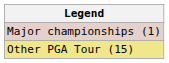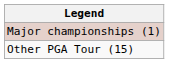 <table class="wikitable" style="font-size:95%;">
 <tr>
 <th>Legend</th>
 </tr>
 <tr style="background:#e5d1cb;">
 <td>Major championships (1)</td>
 </tr>
 <tr>
-<td style="background: khaki;">Other PGA Tour (15)</td>
+<td>Other PGA Tour (15)</td>
 </tr>
 </table>
